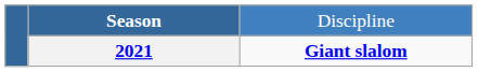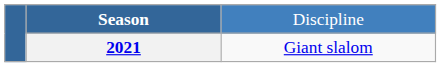 <table class="wikitable"  style="font-size:95%; text-align:center; border:gray solid 1px; width:30%;">
 <tr style="background:#369; color:white;">
 <td rowspan="4" style="width:1%;"></td>
 <td rowspan="2" style="width:10%;"><strong>Season</strong></td>
 </tr>
 <tr style="background:#4180be; color:white;">
 <td style="width:10%;">Discipline</td>
 </tr>
 <tr>
 <th><a href='#'>2021</a></th>
-<td><strong><a href='#'>Giant slalom</a></strong></td>
+<td><a href='#'>Giant slalom</a></td>
 </tr>
 </table>
